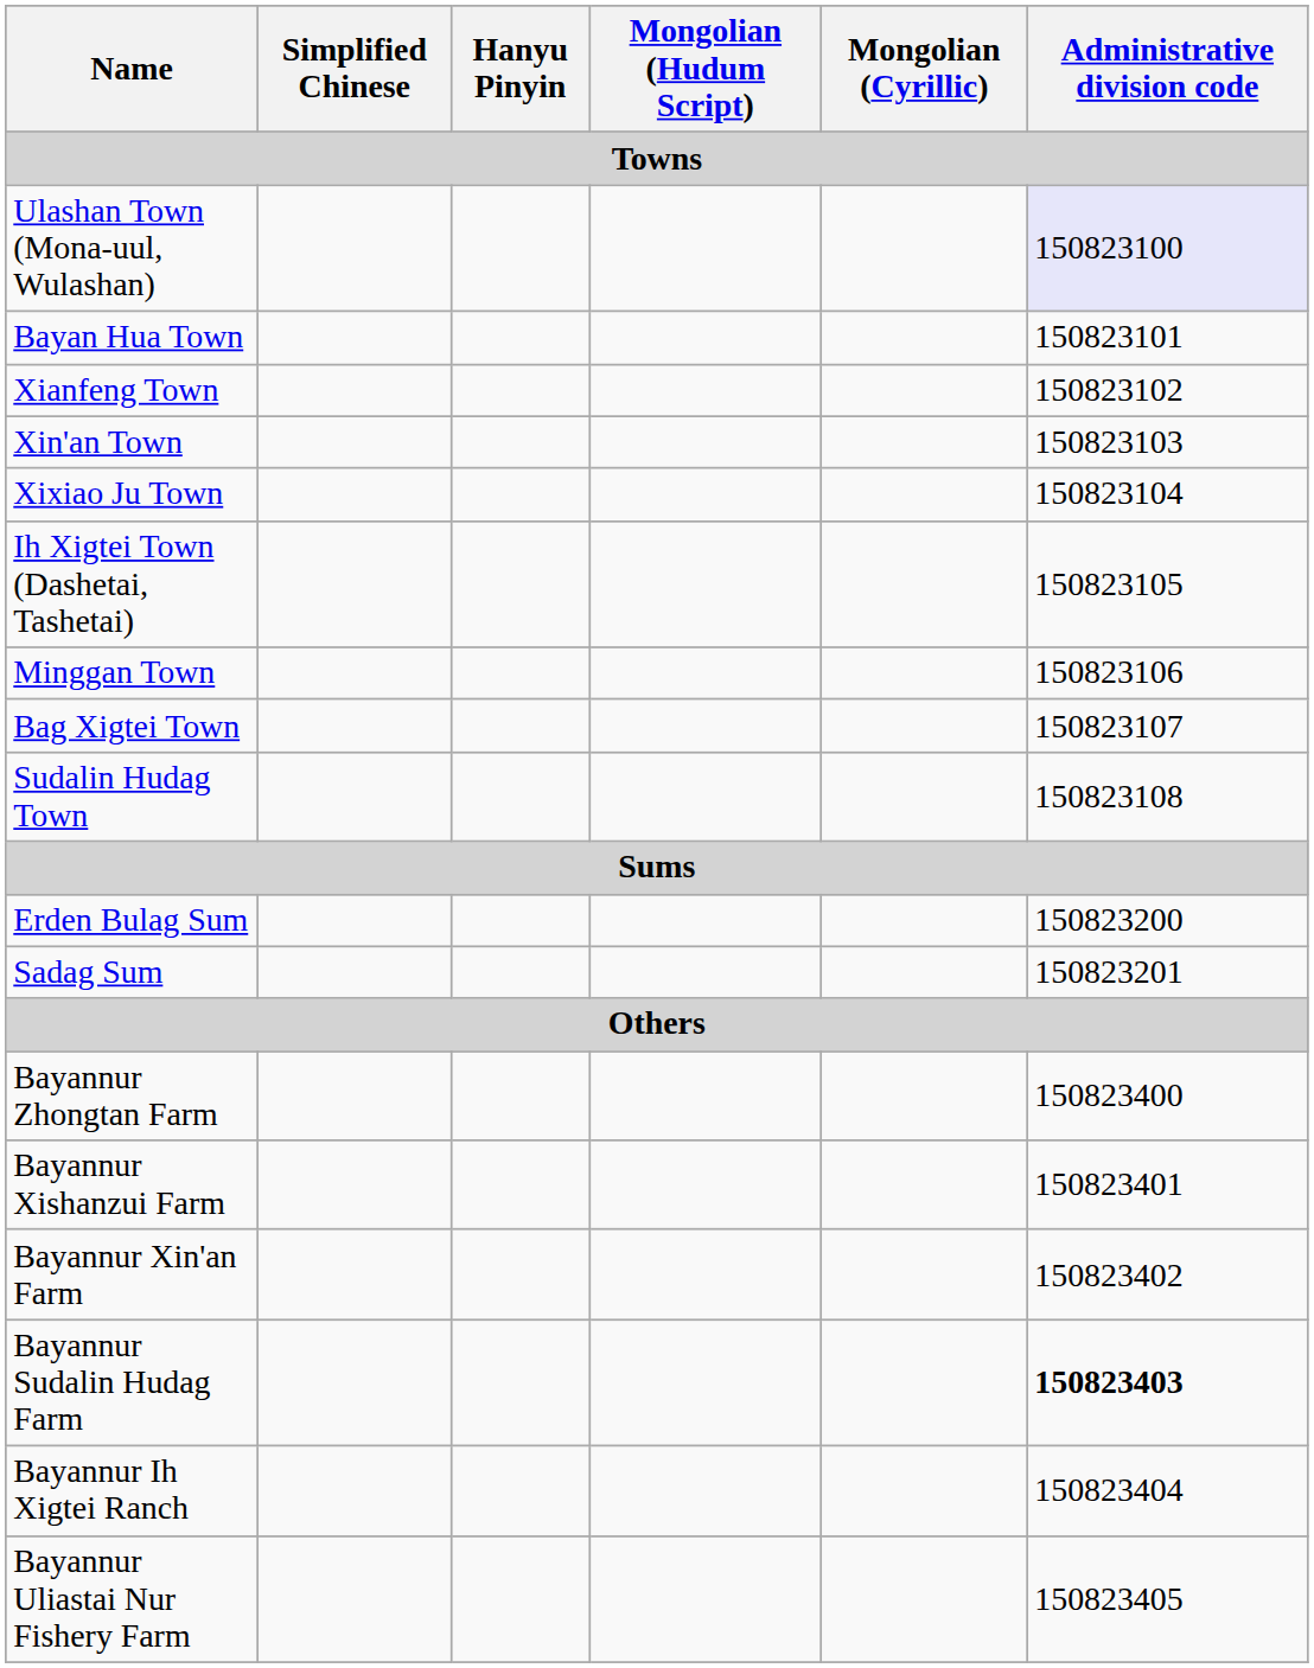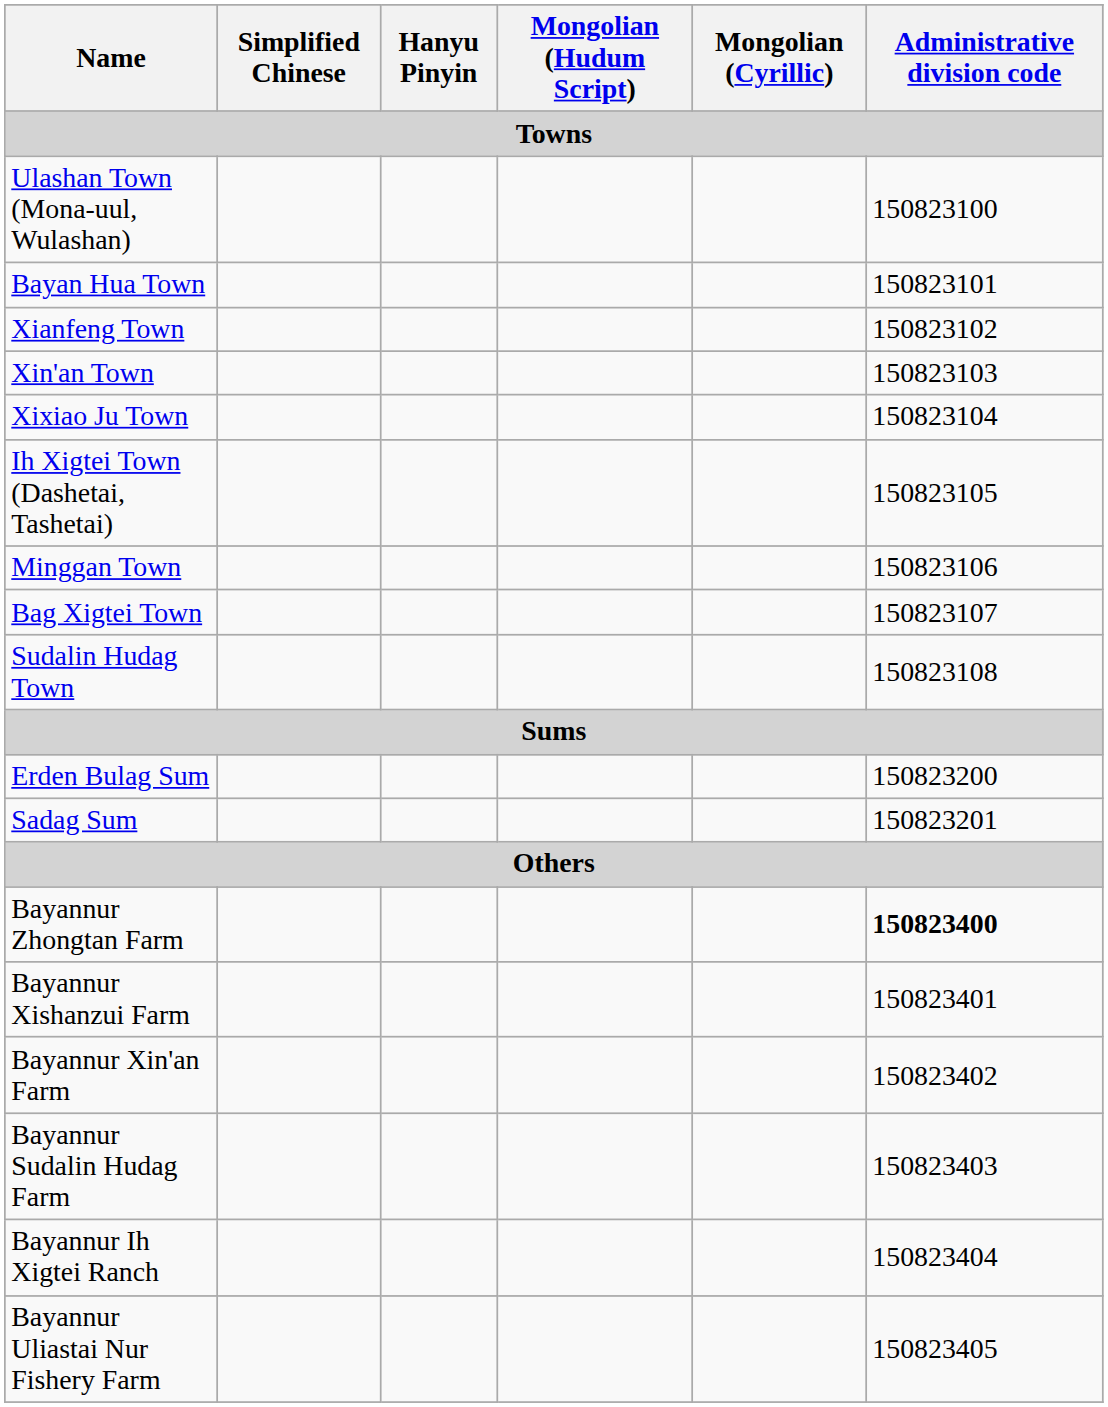 <table class="wikitable" align="center" style="width:50%; border="1">
 <tr>
 <th>Name</th>
 <th>Simplified Chinese</th>
 <th>Hanyu Pinyin</th>
 <th><a href='#'>Mongolian</a> (<a href='#'>Hudum Script</a>)</th>
 <th>Mongolian (<a href='#'>Cyrillic</a>)</th>
 <th><a href='#'>Administrative division code</a></th>
 </tr>
 <tr>
 <td colspan="6"  style="text-align:center; background:#d3d3d3;"><strong>Towns</strong></td>
 </tr>
 <tr --------->
 <td><a href='#'>Ulashan Town</a><br>(Mona-uul, Wulashan)</td>
 <td></td>
 <td></td>
 <td></td>
 <td></td>
-<td style="background: lavender;">150823100</td>
+<td>150823100</td>
 </tr>
 <tr>
 <td><a href='#'>Bayan Hua Town</a></td>
 <td></td>
 <td></td>
 <td></td>
 <td></td>
 <td>150823101</td>
 </tr>
 <tr>
 <td><a href='#'>Xianfeng Town</a></td>
 <td></td>
 <td></td>
 <td></td>
 <td></td>
 <td>150823102</td>
 </tr>
 <tr>
 <td><a href='#'>Xin'an Town</a></td>
 <td></td>
 <td></td>
 <td></td>
 <td></td>
 <td>150823103</td>
 </tr>
 <tr>
 <td><a href='#'>Xixiao Ju Town</a></td>
 <td></td>
 <td></td>
 <td></td>
 <td></td>
 <td>150823104</td>
 </tr>
 <tr>
 <td><a href='#'>Ih Xigtei Town</a><br>(Dashetai, Tashetai)</td>
 <td></td>
 <td></td>
 <td></td>
 <td></td>
 <td>150823105</td>
 </tr>
 <tr>
 <td><a href='#'>Minggan Town</a></td>
 <td></td>
 <td></td>
 <td></td>
 <td></td>
 <td>150823106</td>
 </tr>
 <tr>
 <td><a href='#'>Bag Xigtei Town</a></td>
 <td></td>
 <td></td>
 <td></td>
 <td></td>
 <td>150823107</td>
 </tr>
 <tr>
 <td><a href='#'>Sudalin Hudag Town</a></td>
 <td></td>
 <td></td>
 <td></td>
 <td></td>
 <td>150823108</td>
 </tr>
 <tr>
 <td colspan="6"  style="text-align:center; background:#d3d3d3;"><strong>Sums</strong></td>
 </tr>
 <tr --------->
 <td><a href='#'>Erden Bulag Sum</a></td>
 <td></td>
 <td></td>
 <td></td>
 <td></td>
 <td>150823200</td>
 </tr>
 <tr>
 <td><a href='#'>Sadag Sum</a></td>
 <td></td>
 <td></td>
 <td></td>
 <td></td>
 <td>150823201</td>
 </tr>
 <tr>
 <td colspan="6"  style="text-align:center; background:#d3d3d3;"><strong>Others</strong></td>
 </tr>
 <tr --------->
 <td>Bayannur Zhongtan Farm</td>
 <td></td>
 <td></td>
 <td></td>
 <td></td>
-<td>150823400</td>
+<td><strong>150823400</strong></td>
 </tr>
 <tr>
 <td>Bayannur Xishanzui Farm</td>
 <td></td>
 <td></td>
 <td></td>
 <td></td>
 <td>150823401</td>
 </tr>
 <tr>
 <td>Bayannur Xin'an Farm</td>
 <td></td>
 <td></td>
 <td></td>
 <td></td>
 <td>150823402</td>
 </tr>
 <tr>
 <td>Bayannur Sudalin Hudag Farm</td>
 <td></td>
 <td></td>
 <td></td>
 <td></td>
-<td><strong>150823403</strong></td>
+<td>150823403</td>
 </tr>
 <tr>
 <td>Bayannur Ih Xigtei Ranch</td>
 <td></td>
 <td></td>
 <td></td>
 <td></td>
 <td>150823404</td>
 </tr>
 <tr>
 <td>Bayannur Uliastai Nur Fishery Farm</td>
 <td></td>
 <td></td>
 <td></td>
 <td></td>
 <td>150823405</td>
 </tr>
 </table>
